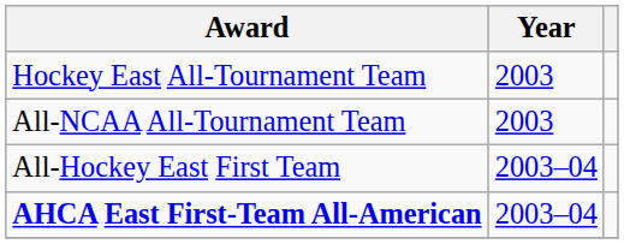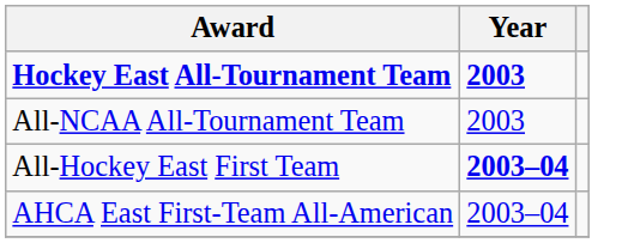 <table class="wikitable">
 <tr>
 <th>Award</th>
 <th>Year</th>
 <th></th>
 </tr>
 <tr>
-<td><a href='#'>Hockey East</a> <a href='#'>All-Tournament Team</a></td>
-<td><a href='#'>2003</a></td>
+<td><strong><a href='#'>Hockey East</a> <a href='#'>All-Tournament Team</a></strong></td>
+<td><strong><a href='#'>2003</a></strong></td>
 <td></td>
 </tr>
 <tr>
 <td>All-<a href='#'>NCAA</a> <a href='#'>All-Tournament Team</a></td>
 <td><a href='#'>2003</a></td>
 <td></td>
 </tr>
 <tr>
 <td>All-<a href='#'>Hockey East</a> <a href='#'>First Team</a></td>
-<td><a href='#'>2003–04</a></td>
+<td><strong><a href='#'>2003–04</a></strong></td>
 <td></td>
 </tr>
 <tr>
-<td><strong><a href='#'>AHCA</a> <a href='#'>East First-Team All-American</a></strong></td>
+<td><a href='#'>AHCA</a> <a href='#'>East First-Team All-American</a></td>
 <td><a href='#'>2003–04</a></td>
 <td></td>
 </tr>
 <tr>
 </tr>
 </table>
